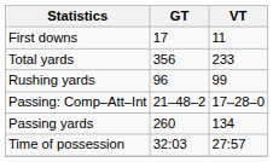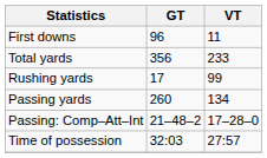 <table class="wikitable" style="float: left;">
 <tr>
 <th>Statistics</th>
 <th>GT</th>
 <th>VT</th>
 </tr>
 <tr>
 <td>First downs</td>
-<td>17</td>
+<td>96</td>
 <td>11</td>
 </tr>
 <tr>
 <td>Total yards</td>
 <td>356</td>
 <td>233</td>
 </tr>
 <tr>
 <td>Rushing yards</td>
-<td>96</td>
+<td>17</td>
 <td>99</td>
+</tr>
+<tr>
+<td>Passing yards</td>
+<td>260</td>
+<td>134</td>
 </tr>
 <tr>
 <td>Passing: Comp–Att–Int</td>
 <td>21–48–2</td>
 <td>17–28–0</td>
-</tr>
-<tr>
-<td>Passing yards</td>
-<td>260</td>
-<td>134</td>
 </tr>
 <tr>
 <td>Time of possession</td>
 <td>32:03</td>
 <td>27:57</td>
 </tr>
 <tr>
 </tr>
 </table>
